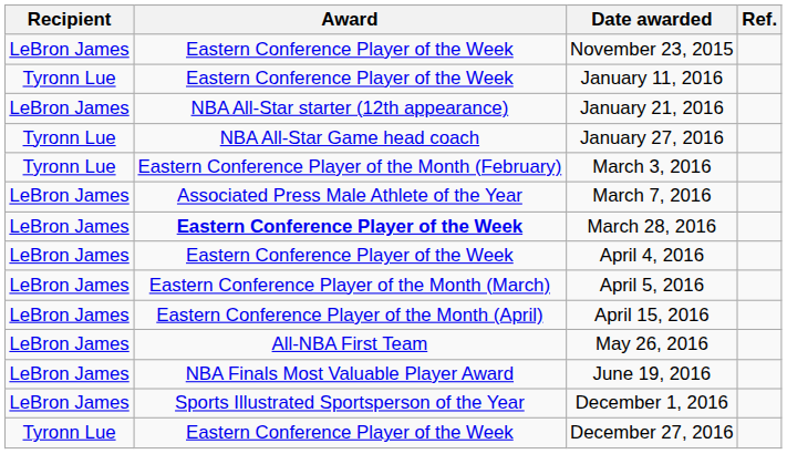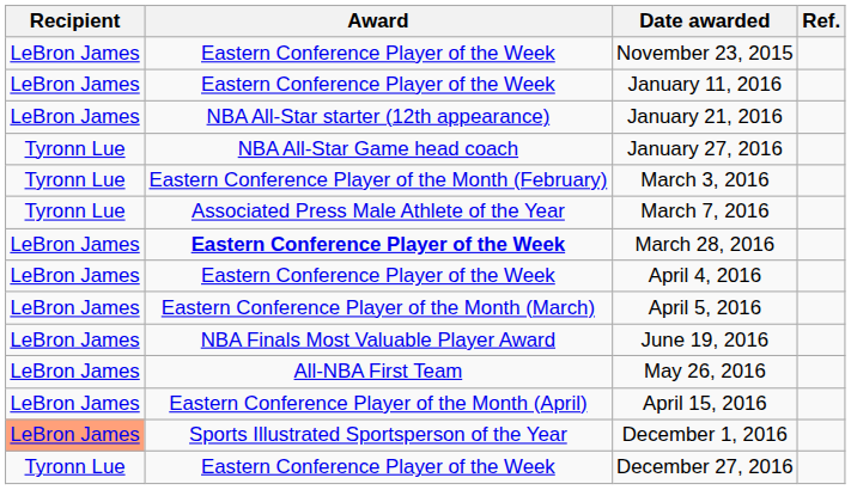 <table class="wikitable sortable sortable" style="text-align: center">
 <tr>
 <th>Recipient</th>
 <th>Award</th>
 <th>Date awarded</th>
 <th>Ref.</th>
 </tr>
 <tr>
 <td><a href='#'>LeBron James</a></td>
 <td><a href='#'>Eastern Conference Player of the Week</a></td>
 <td>November 23, 2015</td>
 <td></td>
 </tr>
 <tr>
-<td><a href='#'>Tyronn Lue</a></td>
+<td><a href='#'>LeBron James</a></td>
 <td><a href='#'>Eastern Conference Player of the Week</a></td>
 <td>January 11, 2016</td>
 <td></td>
 </tr>
 <tr>
 <td><a href='#'>LeBron James</a></td>
 <td><a href='#'>NBA All-Star starter (12th appearance)</a></td>
 <td>January 21, 2016</td>
 <td></td>
 </tr>
 <tr>
 <td><a href='#'>Tyronn Lue</a></td>
 <td><a href='#'>NBA All-Star Game head coach</a></td>
 <td>January 27, 2016</td>
 <td></td>
 </tr>
 <tr>
 <td><a href='#'>Tyronn Lue</a></td>
 <td><a href='#'>Eastern Conference Player of the Month (February)</a></td>
 <td>March 3, 2016</td>
 <td></td>
 </tr>
 <tr>
-<td><a href='#'>LeBron James</a></td>
+<td><a href='#'>Tyronn Lue</a></td>
 <td><a href='#'>Associated Press Male Athlete of the Year</a></td>
 <td>March 7, 2016</td>
 <td></td>
 </tr>
 <tr>
 <td><a href='#'>LeBron James</a></td>
 <td><strong><a href='#'>Eastern Conference Player of the Week</a></strong></td>
 <td>March 28, 2016</td>
 <td></td>
 </tr>
 <tr>
 <td><a href='#'>LeBron James</a></td>
 <td><a href='#'>Eastern Conference Player of the Week</a></td>
 <td>April 4, 2016</td>
 <td></td>
 </tr>
 <tr>
 <td><a href='#'>LeBron James</a></td>
 <td><a href='#'>Eastern Conference Player of the Month (March)</a></td>
 <td>April 5, 2016</td>
 <td></td>
 </tr>
 <tr>
 <td><a href='#'>LeBron James</a></td>
-<td><a href='#'>Eastern Conference Player of the Month (April)</a></td>
-<td>April 15, 2016</td>
+<td><a href='#'>NBA Finals Most Valuable Player Award</a></td>
+<td>June 19, 2016</td>
 <td></td>
 </tr>
 <tr>
 <td><a href='#'>LeBron James</a></td>
 <td><a href='#'>All-NBA First Team</a></td>
 <td>May 26, 2016</td>
 <td></td>
 </tr>
 <tr>
 <td><a href='#'>LeBron James</a></td>
-<td><a href='#'>NBA Finals Most Valuable Player Award</a></td>
-<td>June 19, 2016</td>
+<td><a href='#'>Eastern Conference Player of the Month (April)</a></td>
+<td>April 15, 2016</td>
 <td></td>
 </tr>
 <tr>
-<td><a href='#'>LeBron James</a></td>
+<td style="background: lightsalmon;"><a href='#'>LeBron James</a></td>
 <td><a href='#'>Sports Illustrated Sportsperson of the Year</a></td>
 <td>December 1, 2016</td>
 <td></td>
 </tr>
 <tr>
 <td><a href='#'>Tyronn Lue</a></td>
 <td><a href='#'>Eastern Conference Player of the Week</a></td>
 <td>December 27, 2016</td>
 <td></td>
 </tr>
 </table>
